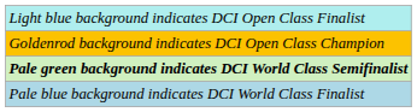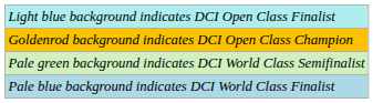 <table class="wikitable" style="font-size:95%;">
 <tr>
 <td style="background-color:#afeeee"><em>Light blue background indicates DCI Open Class Finalist</em></td>
 </tr>
 <tr>
 <td style="background-color:#fcc200"><em>Goldenrod background indicates DCI Open Class Champion</em></td>
 </tr>
 <tr>
-<td style="background-color:#d0f0c0"><strong><em>Pale green background indicates DCI World Class Semifinalist</em></strong></td>
+<td style="background-color:#d0f0c0"><em>Pale green background indicates DCI World Class Semifinalist</em></td>
 </tr>
 <tr>
 <td style="background-color:#add8e6"><em>Pale blue background indicates DCI World Class Finalist</em></td>
 </tr>
 </table>
